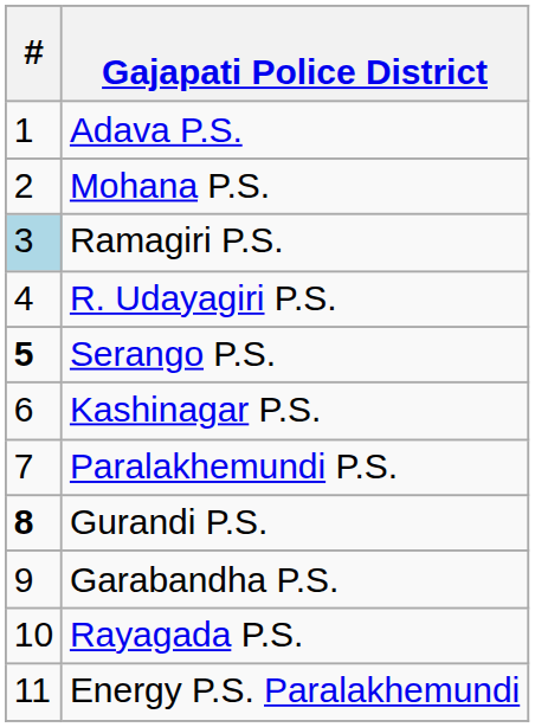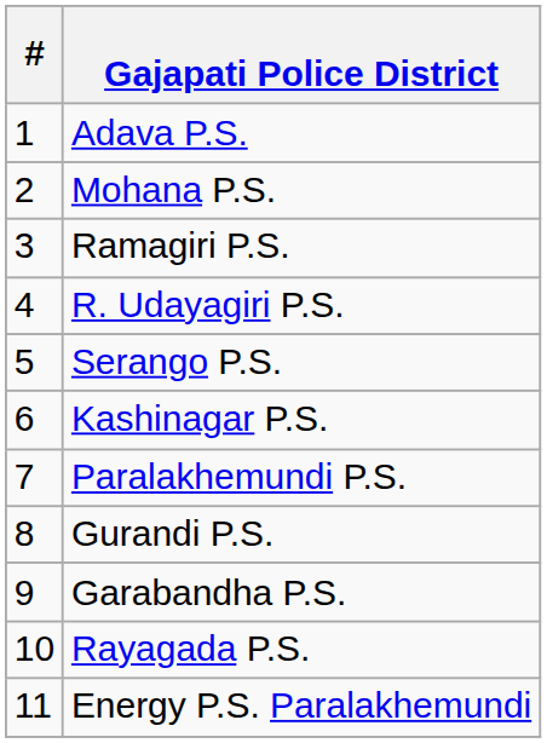 <table class="wikitable">
 <tr>
 <th>#</th>
 <th><br><a href='#'>Gajapati Police District</a></th>
 </tr>
 <tr>
 <td>1</td>
 <td><a href='#'>Adava P.S.</a></td>
 </tr>
 <tr>
 <td>2</td>
 <td><a href='#'>Mohana</a> P.S.</td>
 </tr>
 <tr>
-<td style="background: lightblue;">3</td>
+<td>3</td>
 <td>Ramagiri P.S.</td>
 </tr>
 <tr>
 <td>4</td>
 <td><a href='#'>R. Udayagiri</a> P.S.</td>
 </tr>
 <tr>
-<td><strong>5</strong></td>
+<td>5</td>
 <td><a href='#'>Serango</a> P.S.</td>
 </tr>
 <tr>
 <td>6</td>
 <td><a href='#'>Kashinagar</a> P.S.</td>
 </tr>
 <tr>
 <td>7</td>
 <td><a href='#'>Paralakhemundi</a> P.S.</td>
 </tr>
 <tr>
-<td><strong>8</strong></td>
+<td>8</td>
 <td>Gurandi P.S.</td>
 </tr>
 <tr>
 <td>9</td>
 <td>Garabandha P.S.</td>
 </tr>
 <tr>
 <td>10</td>
 <td><a href='#'>Rayagada</a> P.S.</td>
 </tr>
 <tr>
 <td>11</td>
 <td>Energy P.S. <a href='#'>Paralakhemundi</a></td>
 </tr>
 </table>
